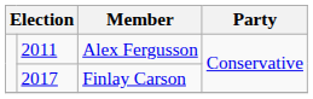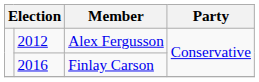 <table class="wikitable">
 <tr>
 <th colspan="2">Election</th>
 <th>Member</th>
 <th>Party</th>
 </tr>
 <tr>
 <td rowspan="2" style="background-color: "></td>
-<td><a href='#'>2011</a></td>
+<td><a href='#'>2012</a></td>
 <td><a href='#'>Alex Fergusson</a></td>
 <td rowspan="2"><a href='#'>Conservative</a></td>
 </tr>
 <tr>
-<td><a href='#'>2017</a></td>
+<td><a href='#'>2016</a></td>
 <td><a href='#'>Finlay Carson</a></td>
 </tr>
 <tr>
 </tr>
 </table>
